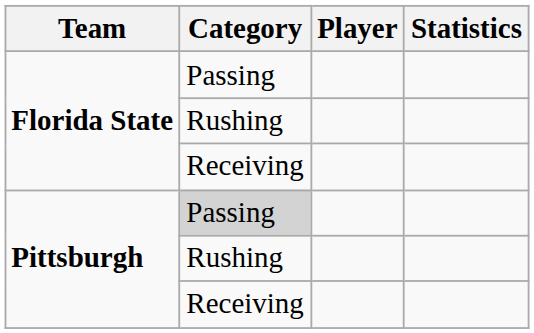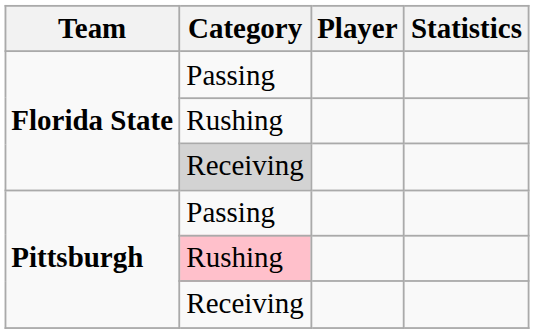 <table class="wikitable" style="float: right;">
 <tr>
 <th>Team</th>
 <th>Category</th>
 <th>Player</th>
 <th>Statistics</th>
 </tr>
 <tr>
 <td rowspan=3><strong>Florida State</strong></td>
 <td>Passing</td>
 <td></td>
 <td></td>
 </tr>
 <tr>
 <td>Rushing</td>
 <td></td>
 <td></td>
 </tr>
 <tr>
-<td>Receiving</td>
+<td style="background: lightgrey;">Receiving</td>
 <td></td>
 <td></td>
 </tr>
 <tr>
 <td rowspan=3><strong>Pittsburgh</strong></td>
-<td style="background: lightgrey;">Passing</td>
+<td>Passing</td>
 <td></td>
 <td></td>
 </tr>
 <tr>
-<td>Rushing</td>
+<td style="background: pink;">Rushing</td>
 <td></td>
 <td></td>
 </tr>
 <tr>
 <td>Receiving</td>
 <td></td>
 <td></td>
 </tr>
 </table>
